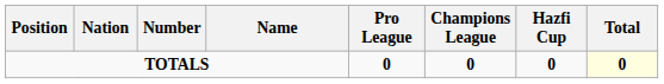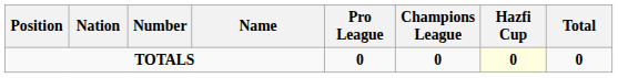 <table class="wikitable" style="font-size: 95%; text-align: center;">
 <tr>
 <th width=60>Position</th>
 <th width=60>Nation</th>
 <th width=60>Number</th>
 <th width=200>Name</th>
 <th width=80>Pro League</th>
 <th width=80>Champions League</th>
 <th width=80>Hazfi Cup</th>
 <th width=80>Total</th>
 </tr>
 <tr>
 <td colspan="4"><strong>TOTALS</strong></td>
 <td><strong>0</strong></td>
 <td><strong>0</strong></td>
+<td style="background: lightyellow;"><strong>0</strong></td>
 <td><strong>0</strong></td>
-<td style="background: lightyellow;"><strong>0</strong></td>
 </tr>
 </table>
